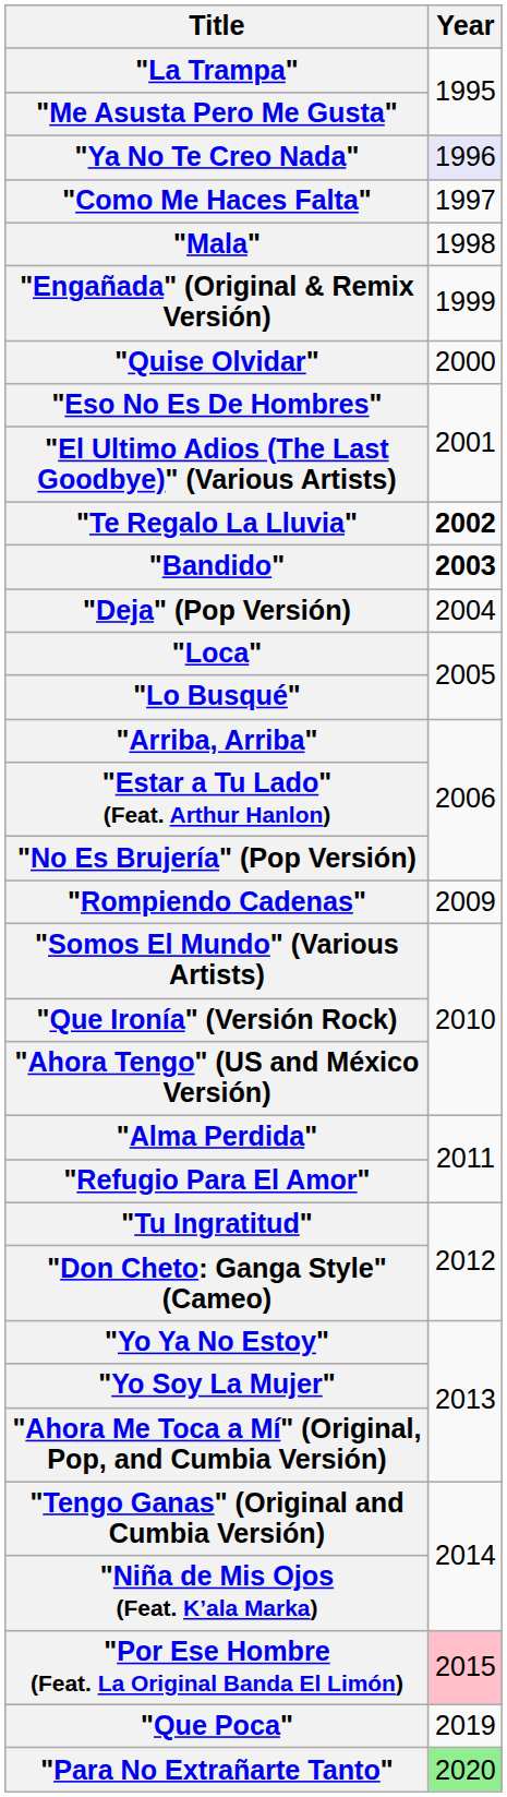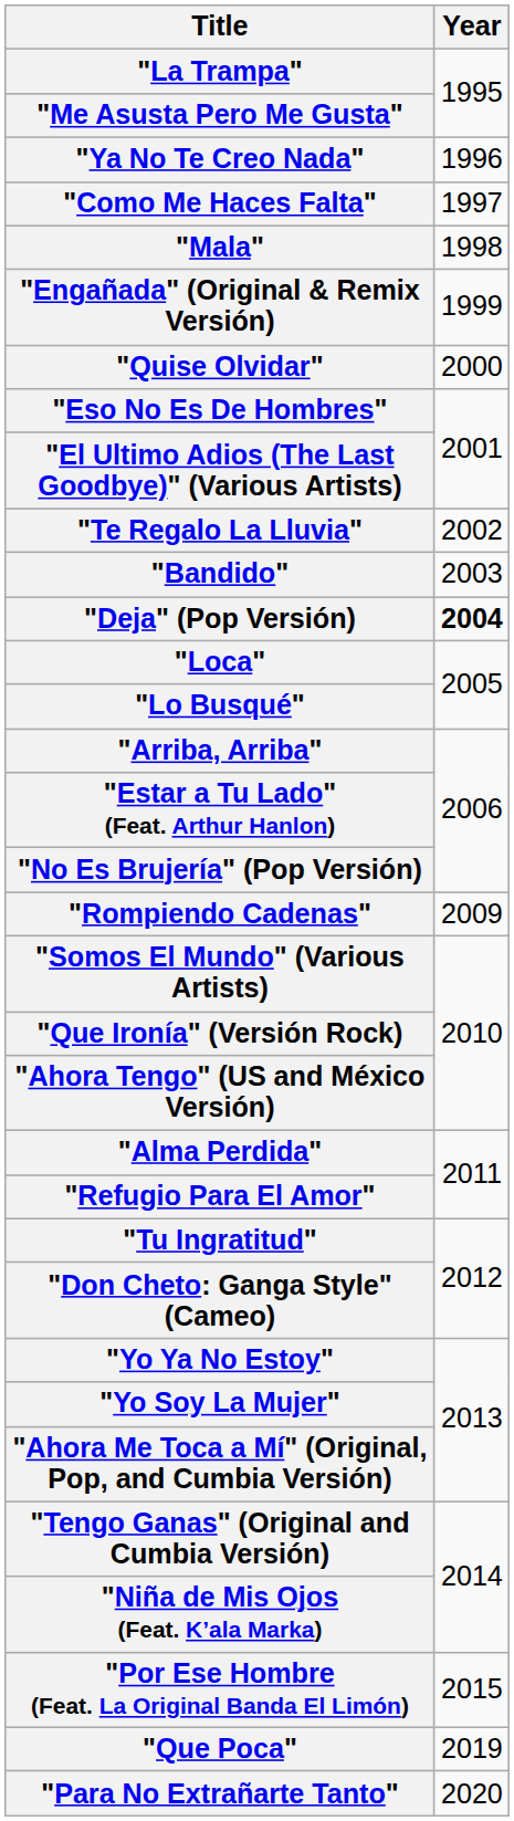 <table class="wikitable plainrowheaders" style="text-align:center;">
 <tr>
 <th scope="col" style="width: 15em;">Title</th>
 <th scope="col" style="width: 1em;">Year</th>
 </tr>
 <tr>
 <th scope="row">"<a href='#'>La Trampa</a>"</th>
 <td rowspan="2">1995</td>
 </tr>
 <tr>
 <th scope="row">"<a href='#'>Me Asusta Pero Me Gusta</a>"</th>
 </tr>
 <tr>
 <th scope="row">"<a href='#'>Ya No Te Creo Nada</a>"</th>
-<td style="background: lavender;">1996</td>
+<td>1996</td>
 </tr>
 <tr>
 <th scope="row">"<a href='#'>Como Me Haces Falta</a>"</th>
 <td>1997</td>
 </tr>
 <tr>
 <th scope="row">"<a href='#'>Mala</a>"</th>
 <td>1998</td>
 </tr>
 <tr>
 <th scope="row">"<a href='#'>Engañada</a>" (Original & Remix Versión)</th>
 <td>1999</td>
 </tr>
 <tr>
 <th scope="row">"<a href='#'>Quise Olvidar</a>"</th>
 <td>2000</td>
 </tr>
 <tr>
 <th scope="row">"<a href='#'>Eso No Es De Hombres</a>"</th>
 <td rowspan="2">2001</td>
 </tr>
 <tr>
 <th scope="row">"<a href='#'>El Ultimo Adios (The Last Goodbye)</a>" (Various Artists)</th>
 </tr>
 <tr>
 <th scope="row">"<a href='#'>Te Regalo La Lluvia</a>"</th>
-<td><strong>2002</strong></td>
+<td>2002</td>
 </tr>
 <tr>
 <th scope="row">"<a href='#'>Bandido</a>"</th>
-<td><strong>2003</strong></td>
+<td>2003</td>
 </tr>
 <tr>
 <th scope="row">"<a href='#'>Deja</a>" (Pop Versión)</th>
-<td>2004</td>
+<td><strong>2004</strong></td>
 </tr>
 <tr>
 <th scope="row">"<a href='#'>Loca</a>"</th>
 <td rowspan="2">2005</td>
 </tr>
 <tr>
 <th scope="row">"<a href='#'>Lo Busqué</a>"</th>
 </tr>
 <tr>
 <th scope="row">"<a href='#'>Arriba, Arriba</a>"</th>
 <td rowspan="3">2006</td>
 </tr>
 <tr>
 <th scope="row">"<a href='#'>Estar a Tu Lado</a>"<br><small>(Feat. <a href='#'>Arthur Hanlon</a>)</small></th>
 </tr>
 <tr>
 <th scope="row">"<a href='#'>No Es Brujería</a>" (Pop Versión)</th>
 </tr>
 <tr>
 <th scope="row">"<a href='#'>Rompiendo Cadenas</a>"</th>
 <td>2009</td>
 </tr>
 <tr>
 <th scope="row">"<a href='#'>Somos El Mundo</a>" (Various Artists)</th>
 <td rowspan="3">2010</td>
 </tr>
 <tr>
 <th scope="row">"<a href='#'>Que Ironía</a>" (Versión Rock)</th>
 </tr>
 <tr>
 <th scope="row">"<a href='#'>Ahora Tengo</a>" (US and México Versión)</th>
 </tr>
 <tr>
 <th scope="row">"<a href='#'>Alma Perdida</a>"</th>
 <td rowspan="2">2011</td>
 </tr>
 <tr>
 <th scope="row">"<a href='#'>Refugio Para El Amor</a>"</th>
 </tr>
 <tr>
 <th scope="row">"<a href='#'>Tu Ingratitud</a>"</th>
 <td rowspan="2">2012</td>
 </tr>
 <tr>
 <th scope="row">"<a href='#'>Don Cheto</a>: Ganga Style" (Cameo)</th>
 </tr>
 <tr>
 <th scope="row">"<a href='#'>Yo Ya No Estoy</a>"</th>
 <td rowspan="3">2013</td>
 </tr>
 <tr>
 <th scope="row">"<a href='#'>Yo Soy La Mujer</a>"</th>
 </tr>
 <tr>
 <th scope="row">"<a href='#'>Ahora Me Toca a Mí</a>" (Original, Pop, and Cumbia Versión)</th>
 </tr>
 <tr>
 <th scope="row">"<a href='#'>Tengo Ganas</a>" (Original and Cumbia Versión)</th>
 <td rowspan="2">2014</td>
 </tr>
 <tr>
 <th scope="row">"<a href='#'>Niña de Mis Ojos</a><br><small>(Feat. <a href='#'>K’ala Marka</a>)</small></th>
 </tr>
 <tr>
 <th scope="row">"<a href='#'>Por Ese Hombre</a><br><small>(Feat. <a href='#'>La Original Banda El Limón</a>)</small></th>
-<td style="background: pink;">2015</td>
+<td>2015</td>
 </tr>
 <tr>
 <th scope="row">"<a href='#'>Que Poca</a>"</th>
 <td>2019</td>
 </tr>
 <tr>
 <th scope="row">"<a href='#'>Para No Extrañarte Tanto</a>"</th>
-<td style="background: lightgreen;">2020</td>
+<td>2020</td>
 </tr>
 </table>
